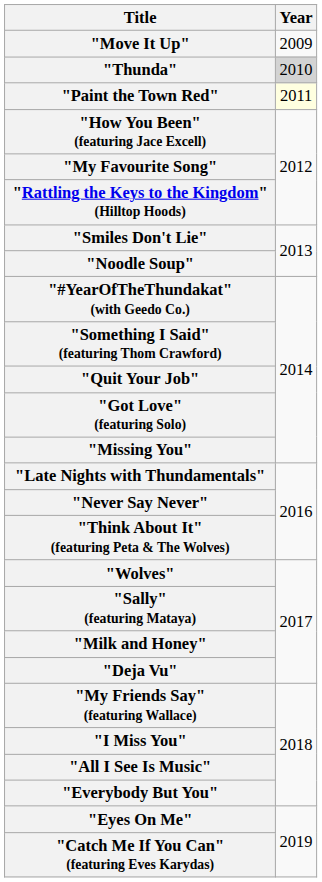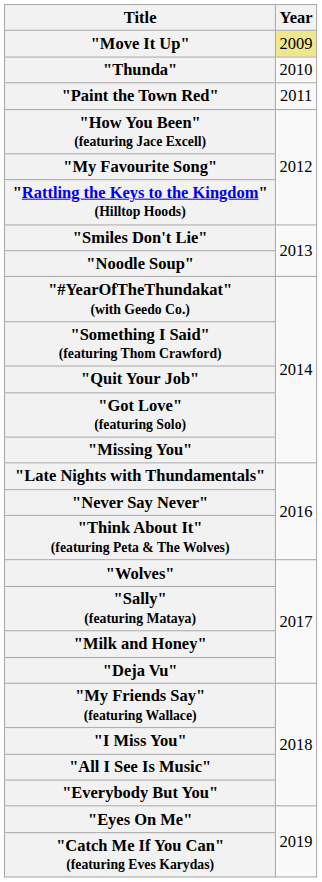 <table class="wikitable plainrowheaders" style="text-align:center;">
 <tr>
 <th scope="col" style="width:16em;">Title</th>
 <th scope="col">Year</th>
 </tr>
 <tr>
 <th scope="row">"Move It Up"</th>
-<td>2009</td>
+<td style="background: khaki;">2009</td>
 </tr>
 <tr>
 <th scope="row">"Thunda"</th>
-<td style="background: lightgrey;">2010</td>
+<td>2010</td>
 </tr>
 <tr>
 <th scope="row">"Paint the Town Red"</th>
-<td style="background: lightyellow;">2011</td>
+<td>2011</td>
 </tr>
 <tr>
 <th scope="row">"How You Been"<br><small>(featuring Jace Excell)</small></th>
 <td rowspan="3">2012</td>
 </tr>
 <tr>
 <th scope="row">"My Favourite Song"</th>
 </tr>
 <tr>
 <th scope="row">"<a href='#'>Rattling the Keys to the Kingdom</a>"<br><small>(Hilltop Hoods)</small></th>
 </tr>
 <tr>
 <th scope="row">"Smiles Don't Lie"</th>
 <td rowspan="2">2013</td>
 </tr>
 <tr>
 <th scope="row">"Noodle Soup"</th>
 </tr>
 <tr>
 <th scope="row">"#YearOfTheThundakat"<br><small>(with Geedo Co.)</small></th>
 <td rowspan="5">2014</td>
 </tr>
 <tr>
 <th scope="row">"Something I Said"<br><small>(featuring Thom Crawford)</small></th>
 </tr>
 <tr>
 <th scope="row">"Quit Your Job"</th>
 </tr>
 <tr>
 <th scope="row">"Got Love"<br><small>(featuring Solo)</small></th>
 </tr>
 <tr>
 <th scope="row">"Missing You"</th>
 </tr>
 <tr>
 <th scope="row">"Late Nights with Thundamentals"</th>
 <td rowspan="3">2016</td>
 </tr>
 <tr>
 <th scope="row">"Never Say Never"</th>
 </tr>
 <tr>
 <th scope="row">"Think About It"<br><small>(featuring Peta & The Wolves)</small></th>
 </tr>
 <tr>
 <th scope="row">"Wolves"</th>
 <td rowspan="4">2017</td>
 </tr>
 <tr>
 <th scope="row">"Sally"<br><small>(featuring Mataya)</small></th>
 </tr>
 <tr>
 <th scope="row">"Milk and Honey"</th>
 </tr>
 <tr>
 <th scope="row">"Deja Vu"</th>
 </tr>
 <tr>
 <th scope="row">"My Friends Say"<br><small>(featuring Wallace)</small></th>
 <td rowspan="4">2018</td>
 </tr>
 <tr>
 <th scope="row">"I Miss You"</th>
 </tr>
 <tr>
 <th scope="row">"All I See Is Music"</th>
 </tr>
 <tr>
 <th scope="row">"Everybody But You"</th>
 </tr>
 <tr>
 <th scope="row">"Eyes On Me"</th>
 <td rowspan="2">2019</td>
 </tr>
 <tr>
 <th scope="row">"Catch Me If You Can"<br><small>(featuring Eves Karydas)</small></th>
 </tr>
 </table>
